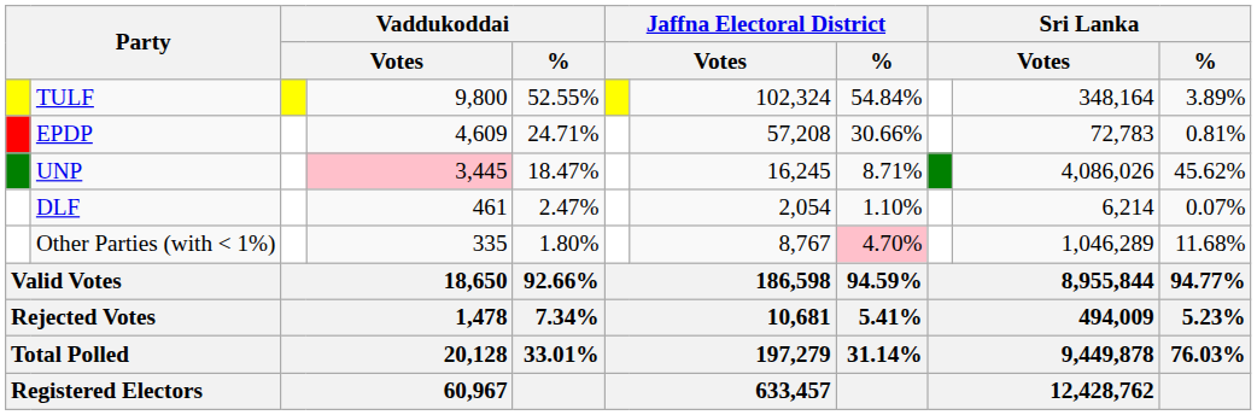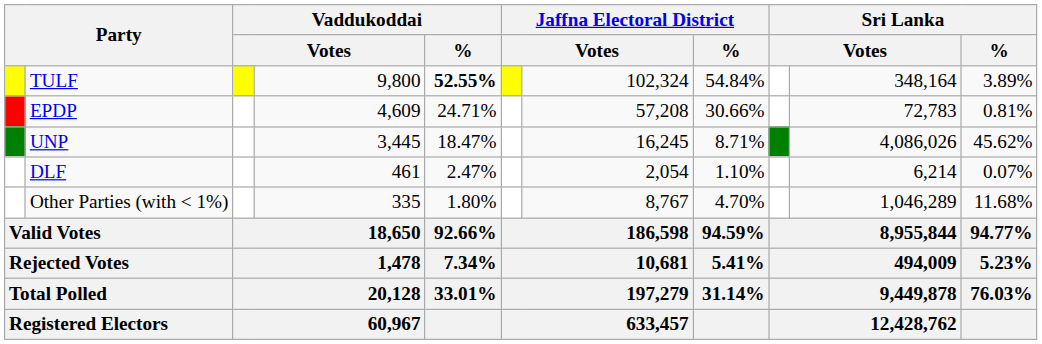 <table class="wikitable">
 <tr>
 <th colspan="2" width="144px"rowspan="2">Party</th>
 <th colspan="3" width="216px">Vaddukoddai</th>
 <th colspan="3" width="216px"><a href='#'>Jaffna Electoral District</a></th>
 <th colspan="3" width="216px">Sri Lanka</th>
 </tr>
 <tr>
 <th colspan="2" width="144px">Votes</th>
 <th>%</th>
 <th colspan="2" width="144px">Votes</th>
 <th>%</th>
 <th colspan="2" width="144px">Votes</th>
 <th>%</th>
 </tr>
 <tr>
 <td style="background-color:yellow;" width="10px"></td>
 <td style="text-align:left;"><a href='#'>TULF</a></td>
 <td style="background-color:yellow;" width="10px"></td>
 <td style="text-align:right;">9,800</td>
-<td style="text-align:right;">52.55%</td>
+<td style="text-align:right;"><strong>52.55%</strong></td>
 <td style="background-color:yellow;" width="10px"></td>
 <td style="text-align:right;">102,324</td>
 <td style="text-align:right;">54.84%</td>
 <td style="background-color:white;" width="10px"></td>
 <td style="text-align:right;">348,164</td>
 <td style="text-align:right;">3.89%</td>
 </tr>
 <tr>
 <td style="background-color:red;" width="10px"></td>
 <td style="text-align:left;"><a href='#'>EPDP</a></td>
 <td style="background-color:white;" width="10px"></td>
 <td style="text-align:right;">4,609</td>
 <td style="text-align:right;">24.71%</td>
 <td style="background-color:white;" width="10px"></td>
 <td style="text-align:right;">57,208</td>
 <td style="text-align:right;">30.66%</td>
 <td style="background-color:white;" width="10px"></td>
 <td style="text-align:right;">72,783</td>
 <td style="text-align:right;">0.81%</td>
 </tr>
 <tr>
 <td style="background-color:green;" width="10px"></td>
 <td style="text-align:left;"><a href='#'>UNP</a></td>
 <td style="background-color:white;" width="10px"></td>
-<td style="background: pink; text-align:right;">3,445</td>
+<td style="text-align:right;">3,445</td>
 <td style="text-align:right;">18.47%</td>
 <td style="background-color:white;" width="10px"></td>
 <td style="text-align:right;">16,245</td>
 <td style="text-align:right;">8.71%</td>
 <td style="background-color:green;" width="10px"></td>
 <td style="text-align:right;">4,086,026</td>
 <td style="text-align:right;">45.62%</td>
 </tr>
 <tr>
 <td style="background-color:white;" width="10px"></td>
 <td style="text-align:left;"><a href='#'>DLF</a></td>
 <td style="background-color:white;" width="10px"></td>
 <td style="text-align:right;">461</td>
 <td style="text-align:right;">2.47%</td>
 <td style="background-color:white;" width="10px"></td>
 <td style="text-align:right;">2,054</td>
 <td style="text-align:right;">1.10%</td>
 <td style="background-color:white;" width="10px"></td>
 <td style="text-align:right;">6,214</td>
 <td style="text-align:right;">0.07%</td>
 </tr>
 <tr>
 <td style="background-color:white;" width="10px"></td>
 <td style="text-align:left;">Other Parties (with < 1%)</td>
 <td style="background-color:white;" width="10px"></td>
 <td style="text-align:right;">335</td>
 <td style="text-align:right;">1.80%</td>
 <td style="background-color:white;" width="10px"></td>
 <td style="text-align:right;">8,767</td>
-<td style="background: pink; text-align:right;">4.70%</td>
+<td style="text-align:right;">4.70%</td>
 <td style="background-color:white;" width="10px"></td>
 <td style="text-align:right;">1,046,289</td>
 <td style="text-align:right;">11.68%</td>
 </tr>
 <tr>
 <th colspan="2" width="144px"style="text-align:left;">Valid Votes</th>
 <th style="text-align:right;"colspan="2" width="144px">18,650</th>
 <th style="text-align:right;">92.66%</th>
 <th style="text-align:right;"colspan="2" width="144px">186,598</th>
 <th style="text-align:right;">94.59%</th>
 <th style="text-align:right;"colspan="2" width="144px">8,955,844</th>
 <th style="text-align:right;">94.77%</th>
 </tr>
 <tr>
 <th colspan="2" width="144px"style="text-align:left;">Rejected Votes</th>
 <th style="text-align:right;"colspan="2" width="144px">1,478</th>
 <th style="text-align:right;">7.34%</th>
 <th style="text-align:right;"colspan="2" width="144px">10,681</th>
 <th style="text-align:right;">5.41%</th>
 <th style="text-align:right;"colspan="2" width="144px">494,009</th>
 <th style="text-align:right;">5.23%</th>
 </tr>
 <tr>
 <th colspan="2" width="144px"style="text-align:left;">Total Polled</th>
 <th style="text-align:right;"colspan="2" width="144px">20,128</th>
 <th style="text-align:right;">33.01%</th>
 <th style="text-align:right;"colspan="2" width="144px">197,279</th>
 <th style="text-align:right;">31.14%</th>
 <th style="text-align:right;"colspan="2" width="144px">9,449,878</th>
 <th style="text-align:right;">76.03%</th>
 </tr>
 <tr>
 <th colspan="2" width="144px"style="text-align:left;">Registered Electors</th>
 <th style="text-align:right;"colspan="2" width="144px">60,967</th>
 <th></th>
 <th style="text-align:right;"colspan="2" width="144px">633,457</th>
 <th></th>
 <th style="text-align:right;"colspan="2" width="144px">12,428,762</th>
 <th></th>
 </tr>
 </table>
